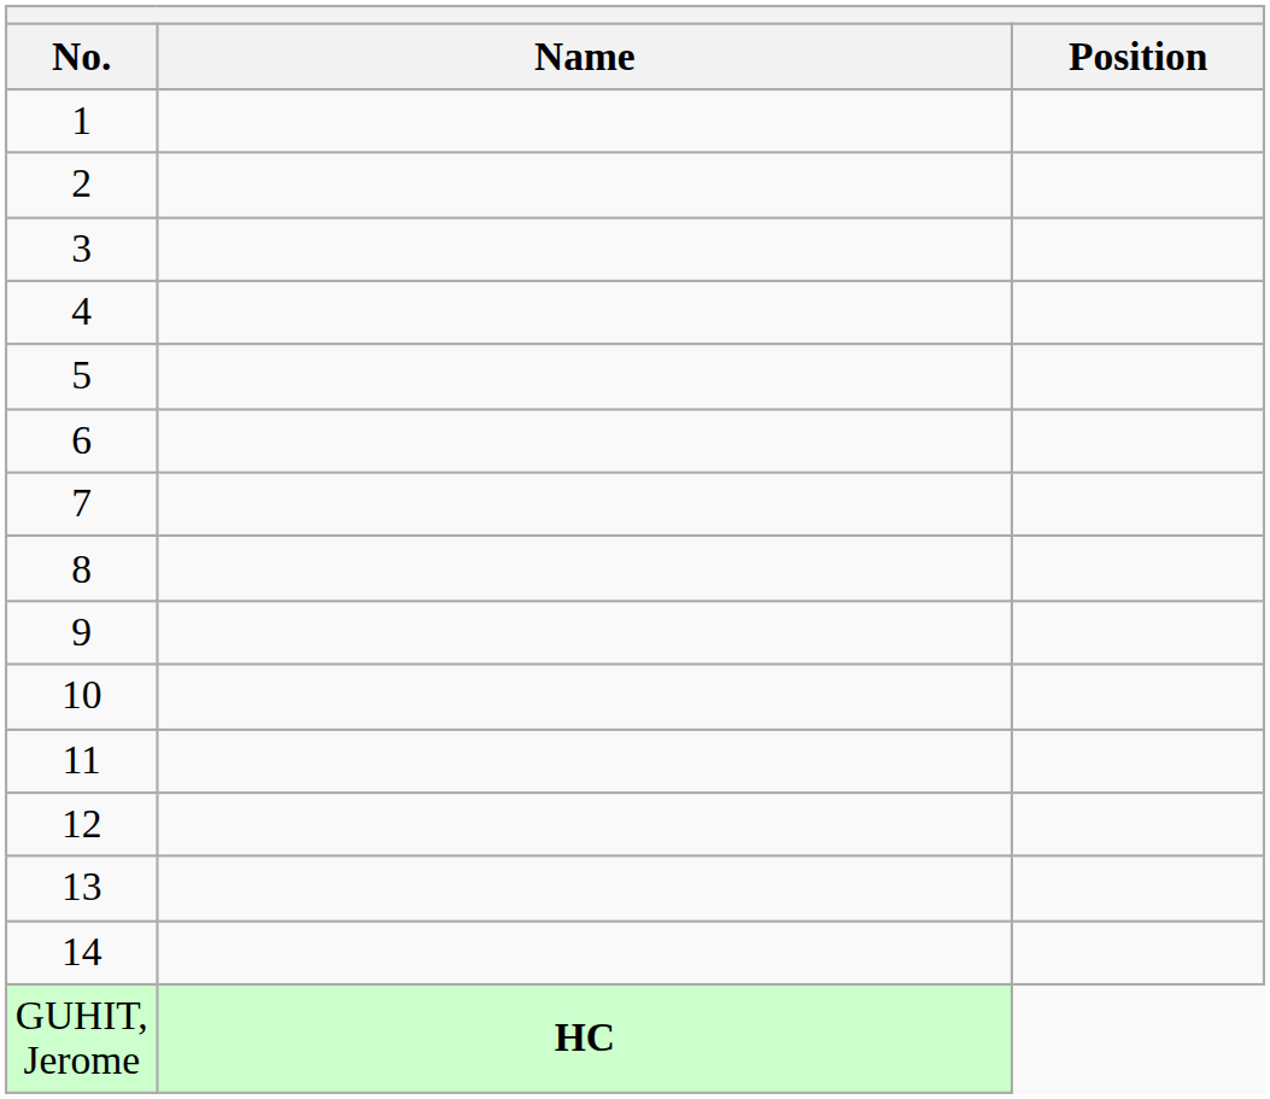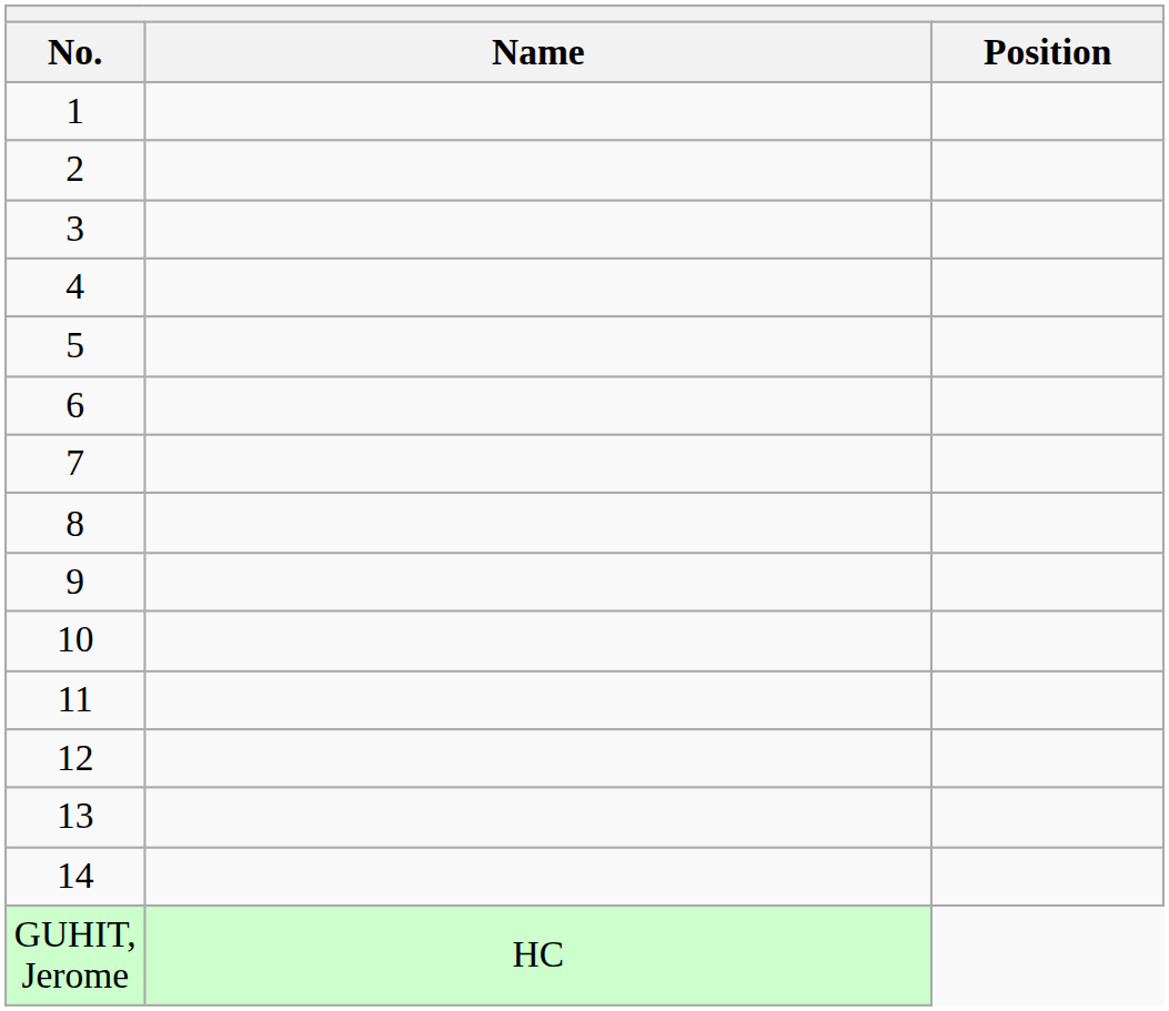 <table class="wikitable mw-collapsible mw-collapsed" style="text-align:center; width:500px; border:none">
 <tr>
 <th style="text-align:center" colspan="3"></th>
 </tr>
 <tr>
 <th style="width:7%">No.</th>
 <th>Name</th>
 <th style="width:20%">Position</th>
 </tr>
 <tr>
 <td>1</td>
 <td></td>
 <td></td>
 </tr>
 <tr>
 <td>2</td>
 <td></td>
 <td></td>
 </tr>
 <tr>
 <td>3</td>
 <td></td>
 <td></td>
 </tr>
 <tr>
 <td>4</td>
 <td></td>
 <td></td>
 </tr>
 <tr>
 <td>5</td>
 <td></td>
 <td></td>
 </tr>
 <tr>
 <td>6</td>
 <td></td>
 <td></td>
 </tr>
 <tr>
 <td>7</td>
 <td></td>
 <td></td>
 </tr>
 <tr>
 <td>8</td>
 <td></td>
 <td></td>
 </tr>
 <tr>
 <td>9</td>
 <td></td>
 <td></td>
 </tr>
 <tr>
 <td>10</td>
 <td></td>
 <td></td>
 </tr>
 <tr>
 <td>11</td>
 <td></td>
 <td></td>
 </tr>
 <tr>
 <td>12</td>
 <td></td>
 <td></td>
 </tr>
 <tr>
 <td>13</td>
 <td></td>
 <td></td>
 </tr>
 <tr>
 <td>14</td>
 <td></td>
 <td></td>
 </tr>
 <tr bgcolor=#CCFFCC>
 <td>GUHIT, Jerome</td>
-<td><strong>HC</strong></td>
+<td>HC</td>
 </tr>
 </table>
